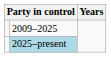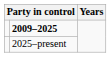 <table class="wikitable">
 <tr>
 <th colspan=2>Party in control</th>
 <th>Years</th>
 </tr>
 <tr>
 <td></td>
-<td>2009–2025</td>
+<td><strong>2009–2025</strong></td>
 </tr>
 <tr>
 <td></td>
-<td style="background: lightblue;">2025–present</td>
+<td>2025–present</td>
 </tr>
 </table>
